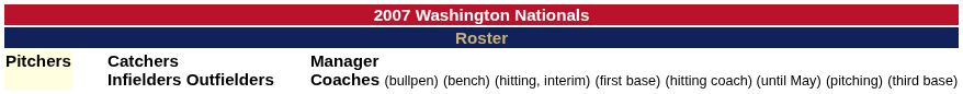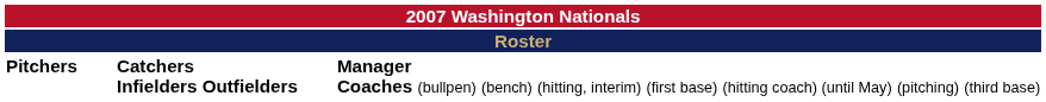 <table class="toccolours" style="font-size: 95%;">
 <tr>
 <th colspan="10" style="background-color: #ba122b; color: #FFFFFF; text-align: center;">2007 Washington Nationals</th>
 </tr>
 <tr>
 <td colspan="10" style="background-color: #11225b; color: #c9b074; text-align: center;"><strong>Roster</strong></td>
 </tr>
 <tr>
-<td valign="top" style="background: lightyellow;"><strong>Pitchers</strong><br>                          </td>
+<td valign="top"><strong>Pitchers</strong><br>                          </td>
 <td width="25px"></td>
 <td valign="top"><strong>Catchers</strong><br>  <strong>Infielders</strong>          <strong>Outfielders</strong>          </td>
 <td width="25px"></td>
 <td valign="top"><strong>Manager</strong><br>  <strong>Coaches</strong>  <small>(bullpen)</small>  <small>(bench)</small>  <small>(hitting, interim)</small>  <small>(first base)</small>  <small>(hitting coach) (until May)</small>  <small>(pitching)</small>  <small>(third base)</small></td>
 </tr>
 <tr>
 </tr>
 </table>
